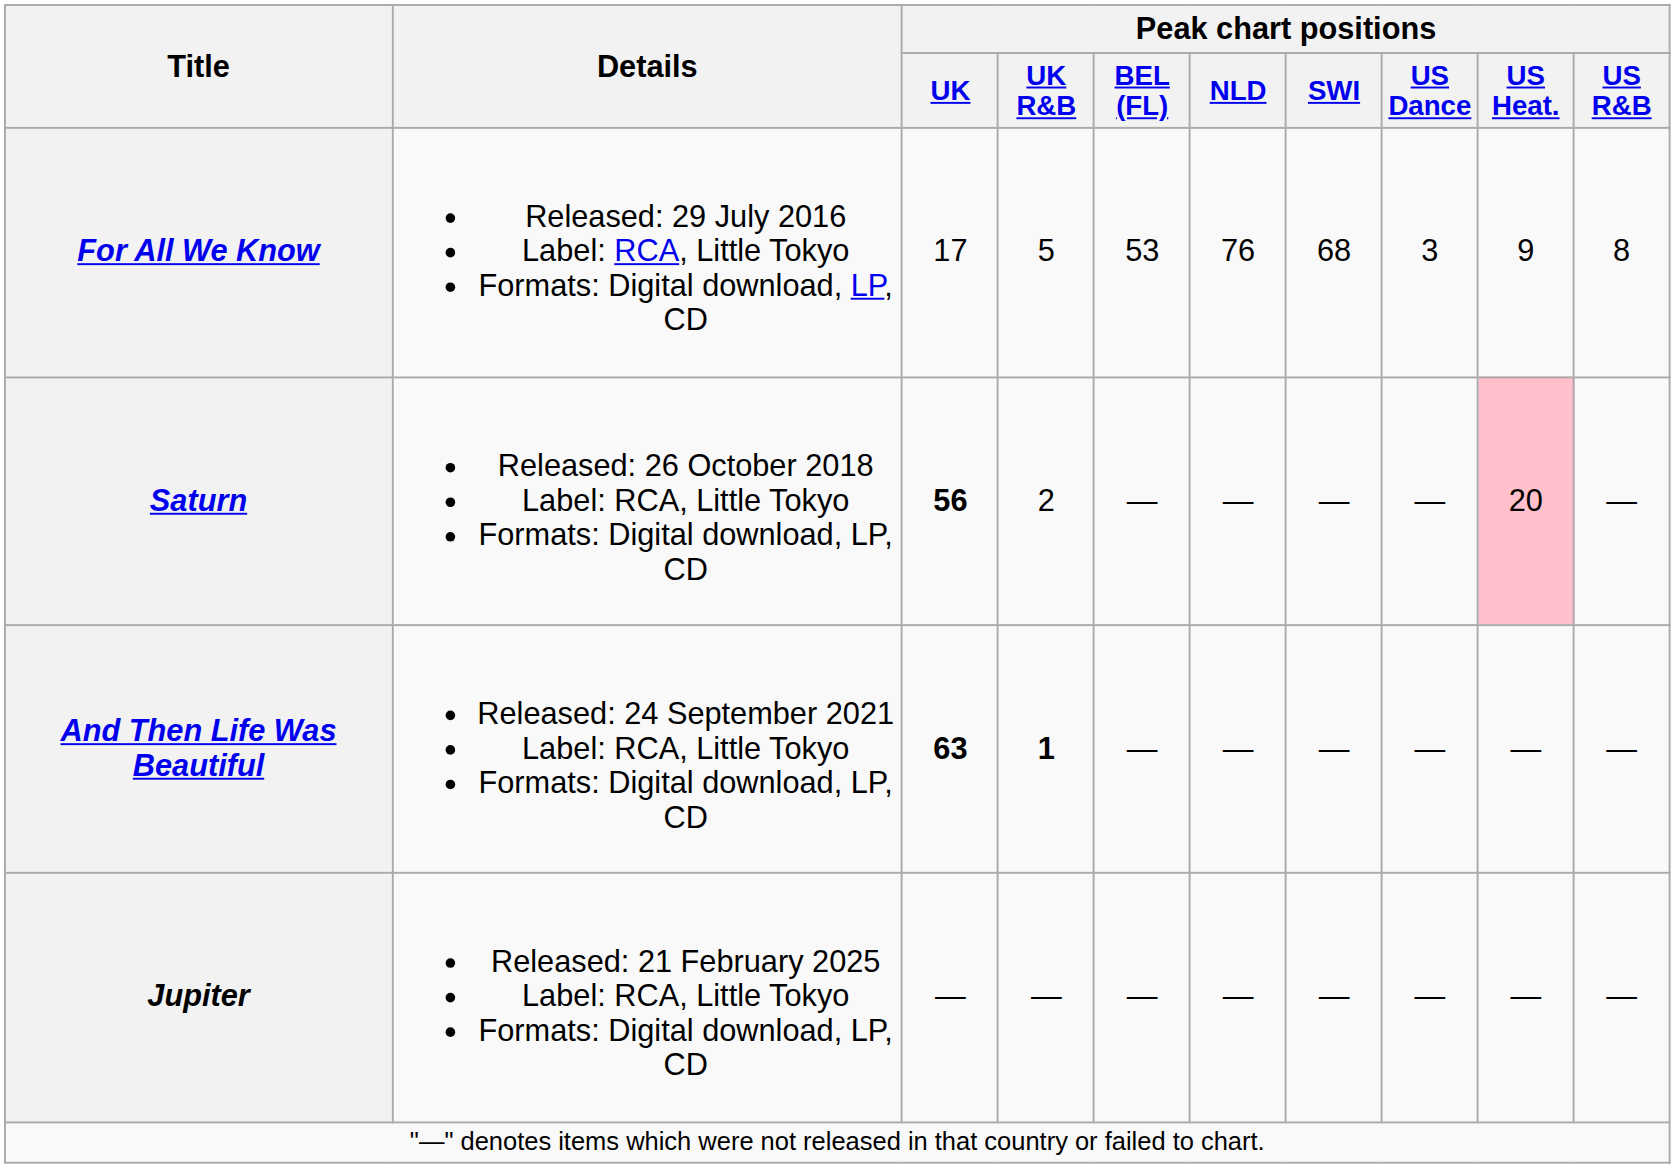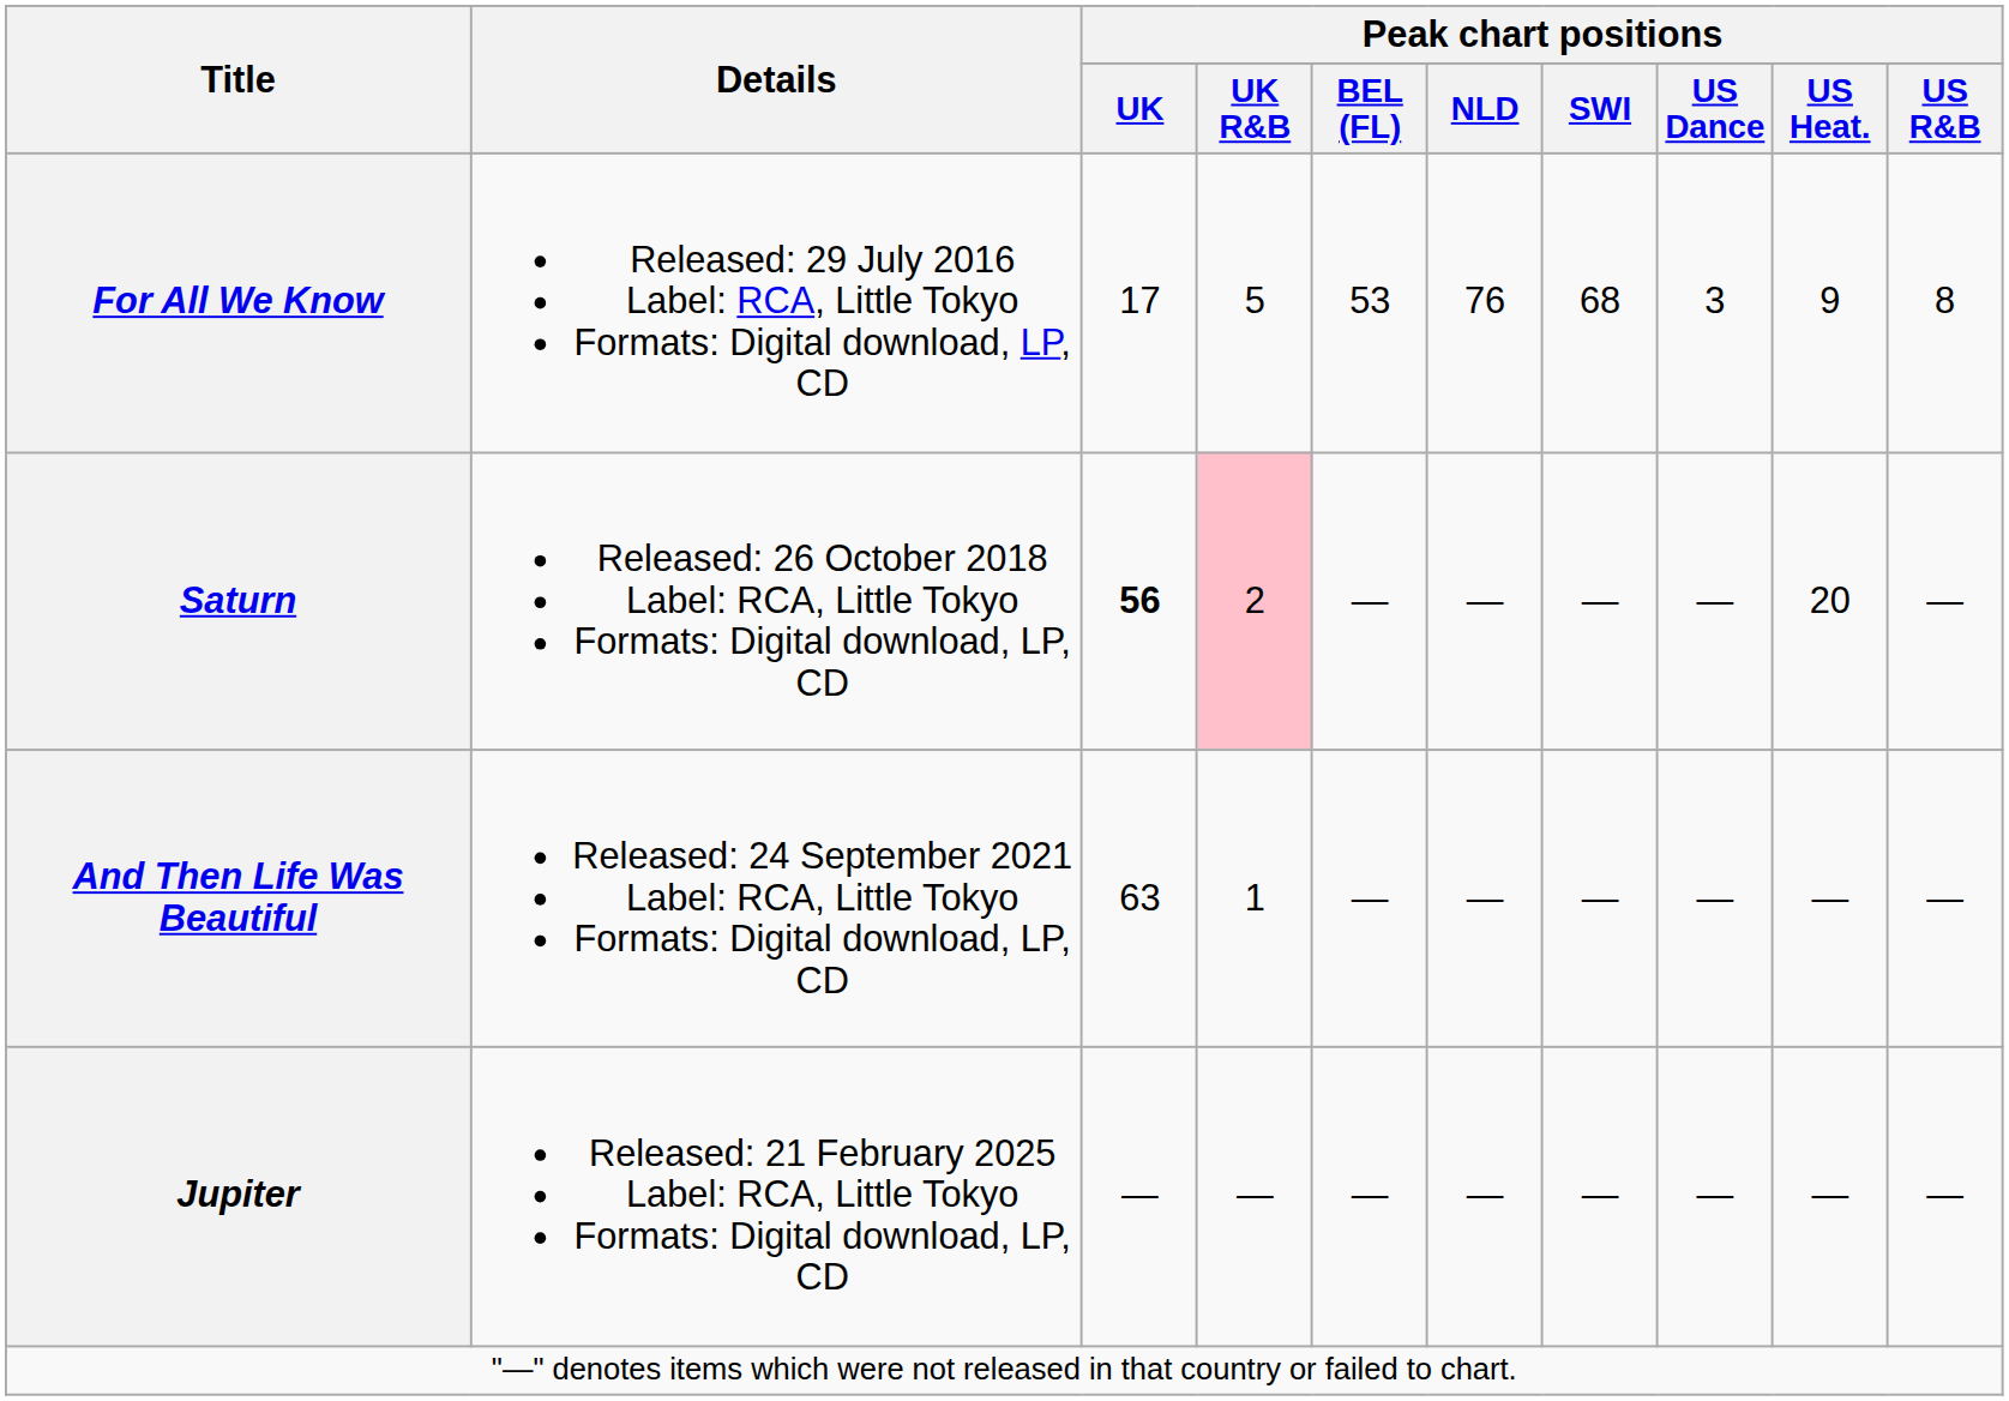 <table class="wikitable plainrowheaders" style="text-align:center;">
 <tr>
 <th scope="col" rowspan="2">Title</th>
 <th scope="col" rowspan="2">Details</th>
 <th scope="col" colspan="8">Peak chart positions</th>
 </tr>
 <tr>
 <th scope="col" style="width:3em;font-size:90%;"><a href='#'>UK</a><br></th>
 <th scope="col" style="width:3em;font-size:90%;"><a href='#'>UK<br>R&B</a><br></th>
 <th scope="col" style="width:3em;font-size:90%;"><a href='#'>BEL<br>(FL)</a><br></th>
 <th scope="col" style="width:3em;font-size:90%;"><a href='#'>NLD</a><br></th>
 <th scope="col" style="width:3em;font-size:90%;"><a href='#'>SWI</a><br></th>
 <th scope="col" style="width:3em;font-size:90%;"><a href='#'>US<br>Dance</a><br></th>
 <th scope="col" style="width:3em;font-size:90%;"><a href='#'>US<br>Heat.</a><br></th>
 <th scope="col" style="width:3em;font-size:90%;"><a href='#'>US<br>R&B</a><br></th>
 </tr>
 <tr>
 <th scope="row"><em><a href='#'>For All We Know</a></em></th>
 <td><br><ul><li>Released: 29 July 2016</li><li>Label: <a href='#'>RCA</a>, Little Tokyo</li><li>Formats: Digital download, <a href='#'>LP</a>, CD</li></ul></td>
 <td>17</td>
 <td>5</td>
 <td>53</td>
 <td>76</td>
 <td>68</td>
 <td>3</td>
 <td>9</td>
 <td>8</td>
 </tr>
 <tr>
 <th scope="row"><em><a href='#'>Saturn</a></em></th>
 <td><br><ul><li>Released: 26 October 2018</li><li>Label: RCA, Little Tokyo</li><li>Formats: Digital download, LP, CD</li></ul></td>
 <td><strong>56</strong></td>
-<td>2</td>
+<td style="background: pink;">2</td>
 <td>—</td>
 <td>—</td>
 <td>—</td>
 <td>—</td>
-<td style="background: pink;">20</td>
+<td>20</td>
 <td>—</td>
 </tr>
 <tr>
 <th scope="row"><em><a href='#'>And Then Life Was Beautiful</a></em></th>
 <td><br><ul><li>Released: 24 September 2021</li><li>Label: RCA, Little Tokyo</li><li>Formats: Digital download, LP, CD</li></ul></td>
-<td><strong>63</strong></td>
-<td><strong>1</strong></td>
+<td>63</td>
+<td>1</td>
 <td>—</td>
 <td>—</td>
 <td>—</td>
 <td>—</td>
 <td>—</td>
 <td>—</td>
 </tr>
 <tr>
 <th scope="row"><em>Jupiter</em></th>
 <td><br><ul><li>Released: 21 February 2025</li><li>Label: RCA, Little Tokyo</li><li>Formats: Digital download, LP, CD</li></ul></td>
 <td>—</td>
 <td>—</td>
 <td>—</td>
 <td>—</td>
 <td>—</td>
 <td>—</td>
 <td>—</td>
 <td>—</td>
 </tr>
 <tr>
 <td colspan="12" style="font-size:83%;">"—" denotes items which were not released in that country or failed to chart.</td>
 </tr>
 </table>
